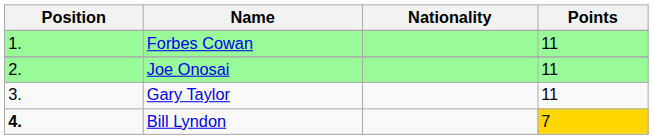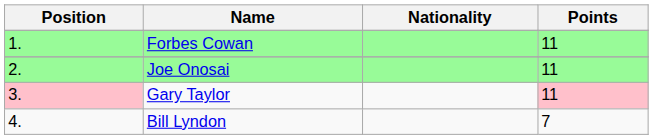 <table class="wikitable" style="display: inline-table; width: 50%;">
 <tr>
 <th>Position</th>
 <th>Name</th>
 <th>Nationality</th>
 <th>Points</th>
 </tr>
 <tr>
 </tr>
 <tr style="background:palegreen">
 <td>1.</td>
 <td><a href='#'>Forbes Cowan</a></td>
 <td></td>
 <td>11</td>
 </tr>
 <tr>
 </tr>
 <tr style="background:palegreen">
 <td>2.</td>
 <td><a href='#'>Joe Onosai</a></td>
 <td></td>
 <td>11</td>
 </tr>
 <tr>
-<td>3.</td>
+<td style="background: pink;">3.</td>
 <td><a href='#'>Gary Taylor</a></td>
 <td></td>
-<td>11</td>
+<td style="background: pink;">11</td>
 </tr>
 <tr>
-<td><strong>4.</strong></td>
+<td>4.</td>
 <td><a href='#'>Bill Lyndon</a></td>
 <td></td>
-<td style="background: gold;">7</td>
+<td>7</td>
 </tr>
 </table>
